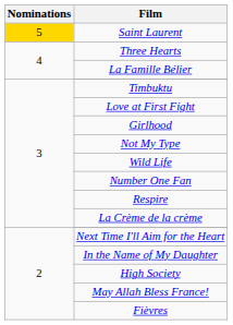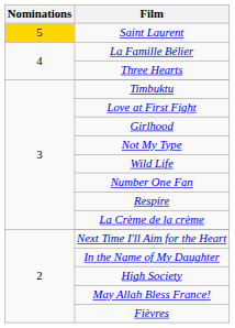 <table class="wikitable" style="text-align:center;">
 <tr>
 <th scope="col" width="55">Nominations</th>
 <th scope="col" align="center">Film</th>
 </tr>
 <tr>
 <td style="background: gold; text-align:center">5</td>
 <td><em><a href='#'>Saint Laurent</a></em></td>
 </tr>
 <tr>
 <td rowspan=2 style="text-align:center">4</td>
-<td><em><a href='#'>Three Hearts</a></em></td>
+<td><em><a href='#'>La Famille Bélier</a></em></td>
 </tr>
 <tr>
-<td><em><a href='#'>La Famille Bélier</a></em></td>
+<td><em><a href='#'>Three Hearts</a></em></td>
 </tr>
 <tr>
 <td rowspan=9 style="text-align:center">3</td>
 </tr>
 <tr>
 <td><em><a href='#'>Timbuktu</a></em></td>
 </tr>
 <tr>
 <td><em><a href='#'>Love at First Fight</a></em></td>
 </tr>
 <tr>
 <td><em><a href='#'>Girlhood</a></em></td>
 </tr>
 <tr>
 <td><em><a href='#'>Not My Type</a></em></td>
 </tr>
 <tr>
 <td><em><a href='#'>Wild Life</a></em></td>
 </tr>
 <tr>
 <td><em><a href='#'>Number One Fan</a></em></td>
 </tr>
 <tr>
 <td><em><a href='#'>Respire</a></em></td>
 </tr>
 <tr>
 <td><em><a href='#'>La Crème de la crème</a></em></td>
 </tr>
 <tr>
 <td rowspan=6 style="text-align:center">2</td>
 </tr>
 <tr>
 <td><em><a href='#'>Next Time I'll Aim for the Heart</a></em></td>
 </tr>
 <tr>
 <td><em><a href='#'>In the Name of My Daughter</a></em></td>
 </tr>
 <tr>
 <td><em><a href='#'>High Society</a></em></td>
 </tr>
 <tr>
 <td><em><a href='#'>May Allah Bless France!</a></em></td>
 </tr>
 <tr>
 <td><em><a href='#'>Fièvres</a></em></td>
 </tr>
 </table>
